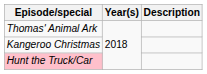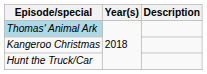 <table class="wikitable sortable">
 <tr>
 <th>Episode/special</th>
 <th>Year(s)</th>
 <th>Description</th>
 </tr>
 <tr>
-<td><em>Thomas' Animal Ark</em></td>
+<td style="background: lightblue;"><em>Thomas' Animal Ark</em></td>
 <td rowspan="3">2018</td>
 <td></td>
 </tr>
 <tr>
 <td><em>Kangeroo Christmas</em></td>
 <td></td>
 </tr>
 <tr>
-<td style="background: pink;"><em>Hunt the Truck/Car</em></td>
+<td><em>Hunt the Truck/Car</em></td>
 <td></td>
 </tr>
 </table>
